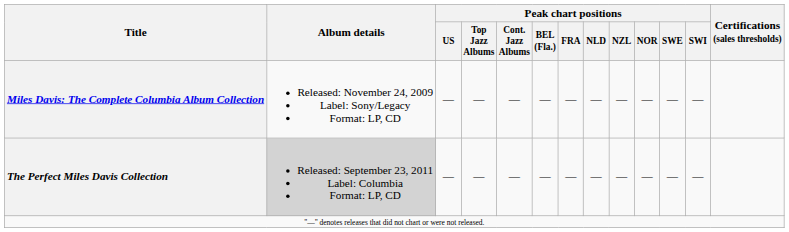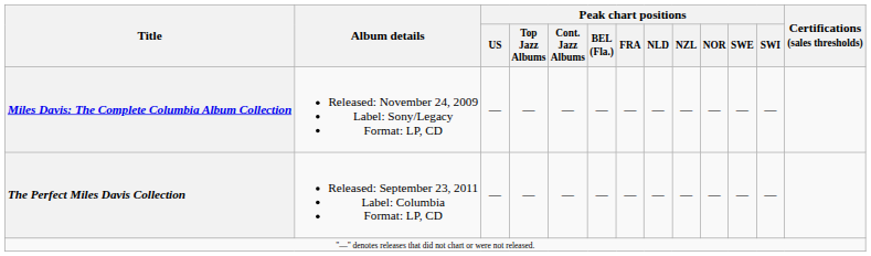 <table class="wikitable plainrowheaders" style="text-align:center">
 <tr>
 <th scope=col rowspan="2">Title</th>
 <th scope=col rowspan="2">Album details</th>
 <th scope=col colspan="10">Peak chart positions</th>
 <th scope=col rowspan="2">Certifications<br><small>(sales thresholds)</small></th>
 </tr>
 <tr style="font-size:smaller;">
 <th width="30">US<br></th>
 <th width="30">Top <br>Jazz Albums<br></th>
 <th width="30">Cont. <br>Jazz Albums<br></th>
 <th width="30">BEL (Fla.)<br></th>
 <th width="30">FRA<br></th>
 <th width="30">NLD<br></th>
 <th width="30">NZL<br></th>
 <th width="30">NOR<br></th>
 <th width="30">SWE<br></th>
 <th width="30">SWI<br></th>
 </tr>
 <tr>
 <th scope=row style="text-align:left"><em><a href='#'>Miles Davis: The Complete Columbia Album Collection</a></em></th>
 <td><br><ul><li>Released: November 24, 2009</li><li>Label: Sony/Legacy</li><li>Format: LP, CD</li></ul></td>
 <td>—</td>
 <td>—</td>
 <td>—</td>
 <td>—</td>
 <td>—</td>
 <td>—</td>
 <td>—</td>
 <td>—</td>
 <td>—</td>
 <td>—</td>
 <td></td>
 </tr>
 <tr>
 <th scope=row style="text-align:left"><em>The Perfect Miles Davis Collection</em></th>
-<td style="background: lightgrey;"><br><ul><li>Released: September 23, 2011</li><li>Label: Columbia</li><li>Format: LP, CD</li></ul></td>
+<td><br><ul><li>Released: September 23, 2011</li><li>Label: Columbia</li><li>Format: LP, CD</li></ul></td>
 <td>—</td>
 <td>—</td>
 <td>—</td>
 <td>—</td>
 <td>—</td>
 <td>—</td>
 <td>—</td>
 <td>—</td>
 <td>—</td>
 <td>—</td>
 <td></td>
 </tr>
 <tr>
 <td colspan="24" style="font-size:8pt; text-align:center;">"—" denotes releases that did not chart or were not released.</td>
 </tr>
 </table>
